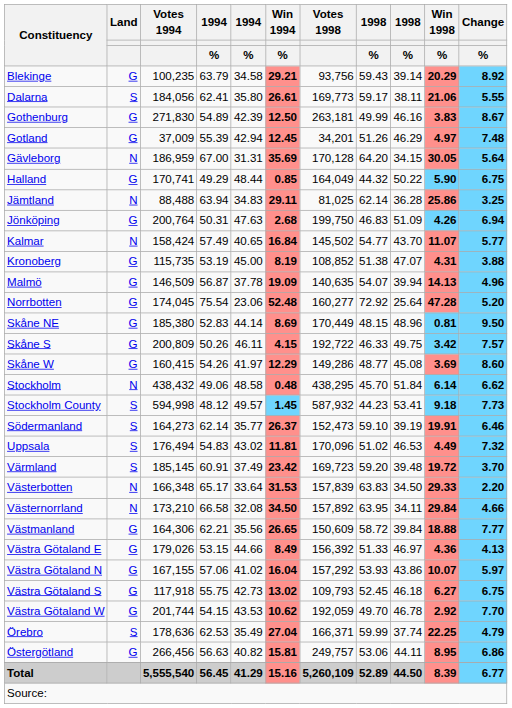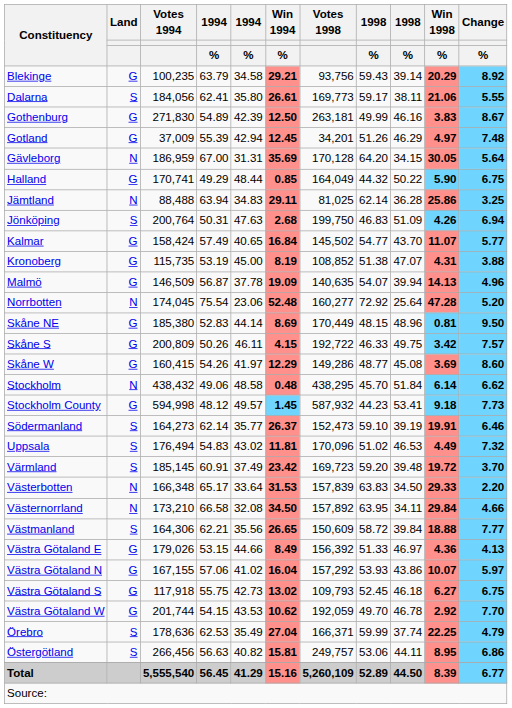 <table class="wikitable sortable" style="text-align:right; font-size:95%; line-height:20px;">
 <tr>
 <th rowspan="3">Constituency</th>
 <th>Land</th>
 <th width="30px" class="unsortable">Votes 1994</th>
 <th> 1994</th>
 <th> 1994</th>
 <th width="30px" class="unsortable">Win 1994</th>
 <th width="30px" class="unsortable">Votes 1998</th>
 <th> 1998</th>
 <th> 1998</th>
 <th width="30px" class="unsortable">Win 1998</th>
 <th width="30px" class="unsortable">Change</th>
 </tr>
 <tr>
 <th></th>
 <th></th>
 <th style="background:"></th>
 <th style="background:"></th>
 <th></th>
 <th></th>
 <th style="background:"></th>
 <th style="background:"></th>
 <th></th>
 <th></th>
 </tr>
 <tr>
 <th data-sort-type="number"></th>
 <th data-sort-type="number"></th>
 <th data-sort-type="number">%</th>
 <th data-sort-type="number">%</th>
 <th data-sort-type="number">%</th>
 <th data-sort-type="number"></th>
 <th data-sort-type="number">%</th>
 <th data-sort-type="number">%</th>
 <th data-sort-type="number">%</th>
 <th data-sort-type="number">%</th>
 </tr>
 <tr>
 <td align="left"><a href='#'>Blekinge</a></td>
 <td><a href='#'>G</a></td>
 <td>100,235</td>
 <td>63.79</td>
 <td>34.58</td>
 <td bgcolor=#ff908c><strong>29.21</strong></td>
 <td>93,756</td>
 <td>59.43</td>
 <td>39.14</td>
 <td bgcolor=#ff908c><strong>20.29</strong></td>
 <td bgcolor=#6fd5fe><strong>8.92</strong></td>
 </tr>
 <tr>
 <td align="left"><a href='#'>Dalarna</a></td>
 <td><a href='#'>S</a></td>
 <td>184,056</td>
 <td>62.41</td>
 <td>35.80</td>
 <td bgcolor=#ff908c><strong>26.61</strong></td>
 <td>169,773</td>
 <td>59.17</td>
 <td>38.11</td>
 <td bgcolor=#ff908c><strong>21.06</strong></td>
 <td bgcolor=#6fd5fe><strong>5.55</strong></td>
 </tr>
 <tr>
 <td align="left"><a href='#'>Gothenburg</a></td>
 <td><a href='#'>G</a></td>
 <td>271,830</td>
 <td>54.89</td>
 <td>42.39</td>
 <td bgcolor=#ff908c><strong>12.50</strong></td>
 <td>263,181</td>
 <td>49.99</td>
 <td>46.16</td>
 <td bgcolor=#ff908c><strong>3.83</strong></td>
 <td bgcolor=#6fd5fe><strong>8.67</strong></td>
 </tr>
 <tr>
 <td align="left"><a href='#'>Gotland</a></td>
 <td><a href='#'>G</a></td>
 <td>37,009</td>
 <td>55.39</td>
 <td>42.94</td>
 <td bgcolor=#ff908c><strong>12.45</strong></td>
 <td>34,201</td>
 <td>51.26</td>
 <td>46.29</td>
 <td bgcolor=#ff908c><strong>4.97</strong></td>
 <td bgcolor=#6fd5fe><strong>7.48</strong></td>
 </tr>
 <tr>
 <td align="left"><a href='#'>Gävleborg</a></td>
 <td><a href='#'>N</a></td>
 <td>186,959</td>
 <td>67.00</td>
 <td>31.31</td>
 <td bgcolor=#ff908c><strong>35.69</strong></td>
 <td>170,128</td>
 <td>64.20</td>
 <td>34.15</td>
 <td bgcolor=#ff908c><strong>30.05</strong></td>
 <td bgcolor=#6fd5fe><strong>5.64</strong></td>
 </tr>
 <tr>
 <td align="left"><a href='#'>Halland</a></td>
 <td><a href='#'>G</a></td>
 <td>170,741</td>
 <td>49.29</td>
 <td>48.44</td>
 <td bgcolor=#ff908c><strong>0.85</strong></td>
 <td>164,049</td>
 <td>44.32</td>
 <td>50.22</td>
 <td bgcolor=#6fd5fe><strong>5.90</strong></td>
 <td bgcolor=#6fd5fe><strong>6.75</strong></td>
 </tr>
 <tr>
 <td align="left"><a href='#'>Jämtland</a></td>
 <td><a href='#'>N</a></td>
 <td>88,488</td>
 <td>63.94</td>
 <td>34.83</td>
 <td bgcolor=#ff908c><strong>29.11</strong></td>
 <td>81,025</td>
 <td>62.14</td>
 <td>36.28</td>
 <td bgcolor=#ff908c><strong>25.86</strong></td>
 <td bgcolor=#6fd5fe><strong>3.25</strong></td>
 </tr>
 <tr>
 <td align="left"><a href='#'>Jönköping</a></td>
-<td><a href='#'>G</a></td>
+<td><a href='#'>S</a></td>
 <td>200,764</td>
 <td>50.31</td>
 <td>47.63</td>
 <td bgcolor=#ff908c><strong>2.68</strong></td>
 <td>199,750</td>
 <td>46.83</td>
 <td>51.09</td>
 <td bgcolor=#6fd5fe><strong>4.26</strong></td>
 <td bgcolor=#6fd5fe><strong>6.94</strong></td>
 </tr>
 <tr>
 <td align="left"><a href='#'>Kalmar</a></td>
-<td><a href='#'>N</a></td>
+<td><a href='#'>G</a></td>
 <td>158,424</td>
 <td>57.49</td>
 <td>40.65</td>
 <td bgcolor=#ff908c><strong>16.84</strong></td>
 <td>145,502</td>
 <td>54.77</td>
 <td>43.70</td>
 <td bgcolor=#ff908c><strong>11.07</strong></td>
 <td bgcolor=#6fd5fe><strong>5.77</strong></td>
 </tr>
 <tr>
 <td align="left"><a href='#'>Kronoberg</a></td>
 <td><a href='#'>G</a></td>
 <td>115,735</td>
 <td>53.19</td>
 <td>45.00</td>
 <td bgcolor=#ff908c><strong>8.19</strong></td>
 <td>108,852</td>
 <td>51.38</td>
 <td>47.07</td>
 <td bgcolor=#ff908c><strong>4.31</strong></td>
 <td bgcolor=#6fd5fe><strong>3.88</strong></td>
 </tr>
 <tr>
 <td align="left"><a href='#'>Malmö</a></td>
 <td><a href='#'>G</a></td>
 <td>146,509</td>
 <td>56.87</td>
 <td>37.78</td>
 <td bgcolor=#ff908c><strong>19.09</strong></td>
 <td>140,635</td>
 <td>54.07</td>
 <td>39.94</td>
 <td bgcolor=#ff908c><strong>14.13</strong></td>
 <td bgcolor=#6fd5fe><strong>4.96</strong></td>
 </tr>
 <tr>
 <td align="left"><a href='#'>Norrbotten</a></td>
-<td><a href='#'>G</a></td>
+<td><a href='#'>N</a></td>
 <td>174,045</td>
 <td>75.54</td>
 <td>23.06</td>
 <td bgcolor=#ff908c><strong>52.48</strong></td>
 <td>160,277</td>
 <td>72.92</td>
 <td>25.64</td>
 <td bgcolor=#ff908c><strong>47.28</strong></td>
 <td bgcolor=#6fd5fe><strong>5.20</strong></td>
 </tr>
 <tr>
 <td align="left"><a href='#'>Skåne NE</a></td>
 <td><a href='#'>G</a></td>
 <td>185,380</td>
 <td>52.83</td>
 <td>44.14</td>
 <td bgcolor=#ff908c><strong>8.69</strong></td>
 <td>170,449</td>
 <td>48.15</td>
 <td>48.96</td>
 <td bgcolor=#6fd5fe><strong>0.81</strong></td>
 <td bgcolor=#6fd5fe><strong>9.50</strong></td>
 </tr>
 <tr>
 <td align="left"><a href='#'>Skåne S</a></td>
 <td><a href='#'>G</a></td>
 <td>200,809</td>
 <td>50.26</td>
 <td>46.11</td>
 <td bgcolor=#ff908c><strong>4.15</strong></td>
 <td>192,722</td>
 <td>46.33</td>
 <td>49.75</td>
 <td bgcolor=#6fd5fe><strong>3.42</strong></td>
 <td bgcolor=#6fd5fe><strong>7.57</strong></td>
 </tr>
 <tr>
 <td align="left"><a href='#'>Skåne W</a></td>
 <td><a href='#'>G</a></td>
 <td>160,415</td>
 <td>54.26</td>
 <td>41.97</td>
 <td bgcolor=#ff908c><strong>12.29</strong></td>
 <td>149,286</td>
 <td>48.77</td>
 <td>45.08</td>
 <td bgcolor=#ff908c><strong>3.69</strong></td>
 <td bgcolor=#6fd5fe><strong>8.60</strong></td>
 </tr>
 <tr>
 <td align="left"><a href='#'>Stockholm</a></td>
 <td><a href='#'>N</a></td>
 <td>438,432</td>
 <td>49.06</td>
 <td>48.58</td>
 <td bgcolor=#ff908c><strong>0.48</strong></td>
 <td>438,295</td>
 <td>45.70</td>
 <td>51.84</td>
 <td bgcolor=#6fd5fe><strong>6.14</strong></td>
 <td bgcolor=#6fd5fe><strong>6.62</strong></td>
 </tr>
 <tr>
 <td align="left"><a href='#'>Stockholm County</a></td>
-<td><a href='#'>S</a></td>
+<td><a href='#'>G</a></td>
 <td>594,998</td>
 <td>48.12</td>
 <td>49.57</td>
 <td bgcolor=#6fd5fe><strong>1.45</strong></td>
 <td>587,932</td>
 <td>44.23</td>
 <td>53.41</td>
 <td bgcolor=#6fd5fe><strong>9.18</strong></td>
 <td bgcolor=#6fd5fe><strong>7.73</strong></td>
 </tr>
 <tr>
 <td align="left"><a href='#'>Södermanland</a></td>
 <td><a href='#'>S</a></td>
 <td>164,273</td>
 <td>62.14</td>
 <td>35.77</td>
 <td bgcolor=#ff908c><strong>26.37</strong></td>
 <td>152,473</td>
 <td>59.10</td>
 <td>39.19</td>
 <td bgcolor=#ff908c><strong>19.91</strong></td>
 <td bgcolor=#6fd5fe><strong>6.46</strong></td>
 </tr>
 <tr>
 <td align="left"><a href='#'>Uppsala</a></td>
 <td><a href='#'>S</a></td>
 <td>176,494</td>
 <td>54.83</td>
 <td>43.02</td>
 <td bgcolor=#ff908c><strong>11.81</strong></td>
 <td>170,096</td>
 <td>51.02</td>
 <td>46.53</td>
 <td bgcolor=#ff908c><strong>4.49</strong></td>
 <td bgcolor=#6fd5fe><strong>7.32</strong></td>
 </tr>
 <tr>
 <td align="left"><a href='#'>Värmland</a></td>
 <td><a href='#'>S</a></td>
 <td>185,145</td>
 <td>60.91</td>
 <td>37.49</td>
 <td bgcolor=#ff908c><strong>23.42</strong></td>
 <td>169,723</td>
 <td>59.20</td>
 <td>39.48</td>
 <td bgcolor=#ff908c><strong>19.72</strong></td>
 <td bgcolor=#6fd5fe><strong>3.70</strong></td>
 </tr>
 <tr>
 <td align="left"><a href='#'>Västerbotten</a></td>
 <td><a href='#'>N</a></td>
 <td>166,348</td>
 <td>65.17</td>
 <td>33.64</td>
 <td bgcolor=#ff908c><strong>31.53</strong></td>
 <td>157,839</td>
 <td>63.83</td>
 <td>34.50</td>
 <td bgcolor=#ff908c><strong>29.33</strong></td>
 <td bgcolor=#6fd5fe><strong>2.20</strong></td>
 </tr>
 <tr>
 <td align="left"><a href='#'>Västernorrland</a></td>
 <td><a href='#'>N</a></td>
 <td>173,210</td>
 <td>66.58</td>
 <td>32.08</td>
 <td bgcolor=#ff908c><strong>34.50</strong></td>
 <td>157,892</td>
 <td>63.95</td>
 <td>34.11</td>
 <td bgcolor=#ff908c><strong>29.84</strong></td>
 <td bgcolor=#6fd5fe><strong>4.66</strong></td>
 </tr>
 <tr>
 <td align="left"><a href='#'>Västmanland</a></td>
-<td><a href='#'>G</a></td>
+<td><a href='#'>S</a></td>
 <td>164,306</td>
 <td>62.21</td>
 <td>35.56</td>
 <td bgcolor=#ff908c><strong>26.65</strong></td>
 <td>150,609</td>
 <td>58.72</td>
 <td>39.84</td>
 <td bgcolor=#ff908c><strong>18.88</strong></td>
 <td bgcolor=#6fd5fe><strong>7.77</strong></td>
 </tr>
 <tr>
 <td align="left"><a href='#'>Västra Götaland E</a></td>
 <td><a href='#'>G</a></td>
 <td>179,026</td>
 <td>53.15</td>
 <td>44.66</td>
 <td bgcolor=#ff908c><strong>8.49</strong></td>
 <td>156,392</td>
 <td>51.33</td>
 <td>46.97</td>
 <td bgcolor=#ff908c><strong>4.36</strong></td>
 <td bgcolor=#6fd5fe><strong>4.13</strong></td>
 </tr>
 <tr>
 <td align="left"><a href='#'>Västra Götaland N</a></td>
 <td><a href='#'>G</a></td>
 <td>167,155</td>
 <td>57.06</td>
 <td>41.02</td>
 <td bgcolor=#ff908c><strong>16.04</strong></td>
 <td>157,292</td>
 <td>53.93</td>
 <td>43.86</td>
 <td bgcolor=#ff908c><strong>10.07</strong></td>
 <td bgcolor=#6fd5fe><strong>5.97</strong></td>
 </tr>
 <tr>
 <td align="left"><a href='#'>Västra Götaland S</a></td>
 <td><a href='#'>G</a></td>
 <td>117,918</td>
 <td>55.75</td>
 <td>42.73</td>
 <td bgcolor=#ff908c><strong>13.02</strong></td>
 <td>109,793</td>
 <td>52.45</td>
 <td>46.18</td>
 <td bgcolor=#ff908c><strong>6.27</strong></td>
 <td bgcolor=#6fd5fe><strong>6.75</strong></td>
 </tr>
 <tr>
 <td align="left"><a href='#'>Västra Götaland W</a></td>
 <td><a href='#'>G</a></td>
 <td>201,744</td>
 <td>54.15</td>
 <td>43.53</td>
 <td bgcolor=#ff908c><strong>10.62</strong></td>
 <td>192,059</td>
 <td>49.70</td>
 <td>46.78</td>
 <td bgcolor=#ff908c><strong>2.92</strong></td>
 <td bgcolor=#6fd5fe><strong>7.70</strong></td>
 </tr>
 <tr>
 <td align="left"><a href='#'>Örebro</a></td>
 <td><a href='#'>S</a></td>
 <td>178,636</td>
 <td>62.53</td>
 <td>35.49</td>
 <td bgcolor=#ff908c><strong>27.04</strong></td>
 <td>166,371</td>
 <td>59.99</td>
 <td>37.74</td>
 <td bgcolor=#ff908c><strong>22.25</strong></td>
 <td bgcolor=#6fd5fe><strong>4.79</strong></td>
 </tr>
 <tr>
 <td align="left"><a href='#'>Östergötland</a></td>
-<td><a href='#'>G</a></td>
+<td><a href='#'>S</a></td>
 <td>266,456</td>
 <td>56.63</td>
 <td>40.82</td>
 <td bgcolor=#ff908c><strong>15.81</strong></td>
 <td>249,757</td>
 <td>53.06</td>
 <td>44.11</td>
 <td bgcolor=#ff908c><strong>8.95</strong></td>
 <td bgcolor=#6fd5fe><strong>6.86</strong></td>
 </tr>
 <tr>
 </tr>
 <tr style="background:#CDCDCD;">
 <td align="left"><strong>Total</strong></td>
 <td></td>
 <td><strong>5,555,540</strong></td>
 <td><strong>56.45</strong></td>
 <td><strong>41.29</strong></td>
 <td bgcolor=#ff908c><strong>15.16</strong></td>
 <td><strong>5,260,109</strong></td>
 <td><strong>52.89</strong></td>
 <td><strong>44.50</strong></td>
 <td bgcolor=#ff908c><strong>8.39</strong></td>
 <td bgcolor=#6fd5fe><strong>6.77</strong></td>
 </tr>
 <tr>
 <td colspan="11" align="left">Source: </td>
 </tr>
 </table>
